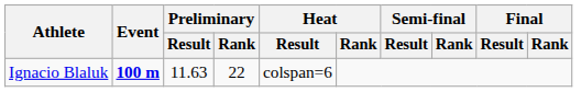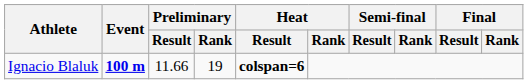 <table class=wikitable style=font-size:90%>
 <tr>
 <th rowspan=2>Athlete</th>
 <th rowspan=2>Event</th>
 <th colspan=2>Preliminary</th>
 <th colspan=2>Heat</th>
 <th colspan=2>Semi-final</th>
 <th colspan=2>Final</th>
 </tr>
 <tr style=font-size:95%>
 <th>Result</th>
 <th>Rank</th>
 <th>Result</th>
 <th>Rank</th>
 <th>Result</th>
 <th>Rank</th>
 <th>Result</th>
 <th>Rank</th>
 </tr>
 <tr align=center>
 <td align=left><a href='#'>Ignacio Blaluk</a></td>
 <td align=left><strong><a href='#'>100 m</a></strong></td>
-<td>11.63</td>
-<td>22</td>
-<td>colspan=6 </td>
+<td>11.66</td>
+<td>19</td>
+<td><strong>colspan=6 </strong></td>
 </tr>
 </table>
